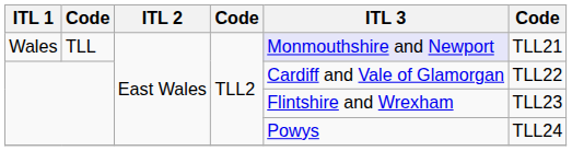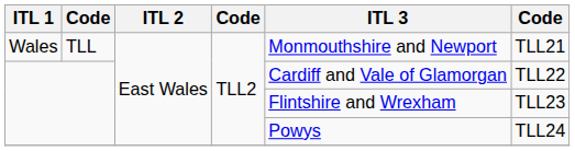 <table class="wikitable">
 <tr>
 <th>ITL 1</th>
 <th>Code</th>
 <th>ITL 2</th>
 <th>Code</th>
 <th>ITL 3</th>
 <th>Code</th>
 </tr>
 <tr>
 <td>Wales</td>
 <td>TLL</td>
 <td rowspan="4">East Wales</td>
 <td rowspan="4">TLL2</td>
-<td style="background: lavender;"><a href='#'>Monmouthshire</a> and <a href='#'>Newport</a></td>
+<td><a href='#'>Monmouthshire</a> and <a href='#'>Newport</a></td>
 <td>TLL21</td>
 </tr>
 <tr>
 <td colspan="2" rowspan="3" align="center"></td>
 <td><a href='#'>Cardiff</a> and <a href='#'>Vale of Glamorgan</a></td>
 <td>TLL22</td>
 </tr>
 <tr>
 <td><a href='#'>Flintshire</a> and <a href='#'>Wrexham</a></td>
 <td>TLL23</td>
 </tr>
 <tr>
 <td><a href='#'>Powys</a></td>
 <td>TLL24</td>
 </tr>
 <tr>
 </tr>
 </table>
